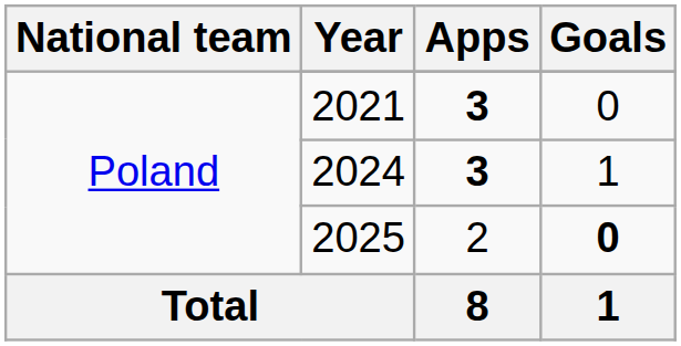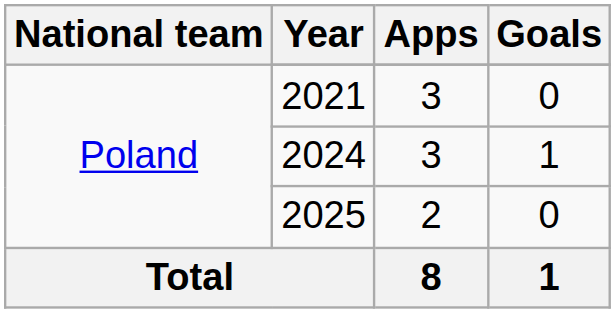 <table class="wikitable" style="text-align:center">
 <tr>
 <th>National team</th>
 <th>Year</th>
 <th>Apps</th>
 <th>Goals</th>
 </tr>
 <tr>
 <td rowspan="4"><a href='#'>Poland</a></td>
 </tr>
 <tr>
 <td>2021</td>
-<td><strong>3</strong></td>
+<td>3</td>
 <td>0</td>
 </tr>
 <tr>
 <td>2024</td>
-<td><strong>3</strong></td>
+<td>3</td>
 <td>1</td>
 </tr>
 <tr>
 <td>2025</td>
 <td>2</td>
-<td><strong>0</strong></td>
+<td>0</td>
 </tr>
 <tr>
 <th colspan="2">Total</th>
 <th>8</th>
 <th>1</th>
 </tr>
 </table>
